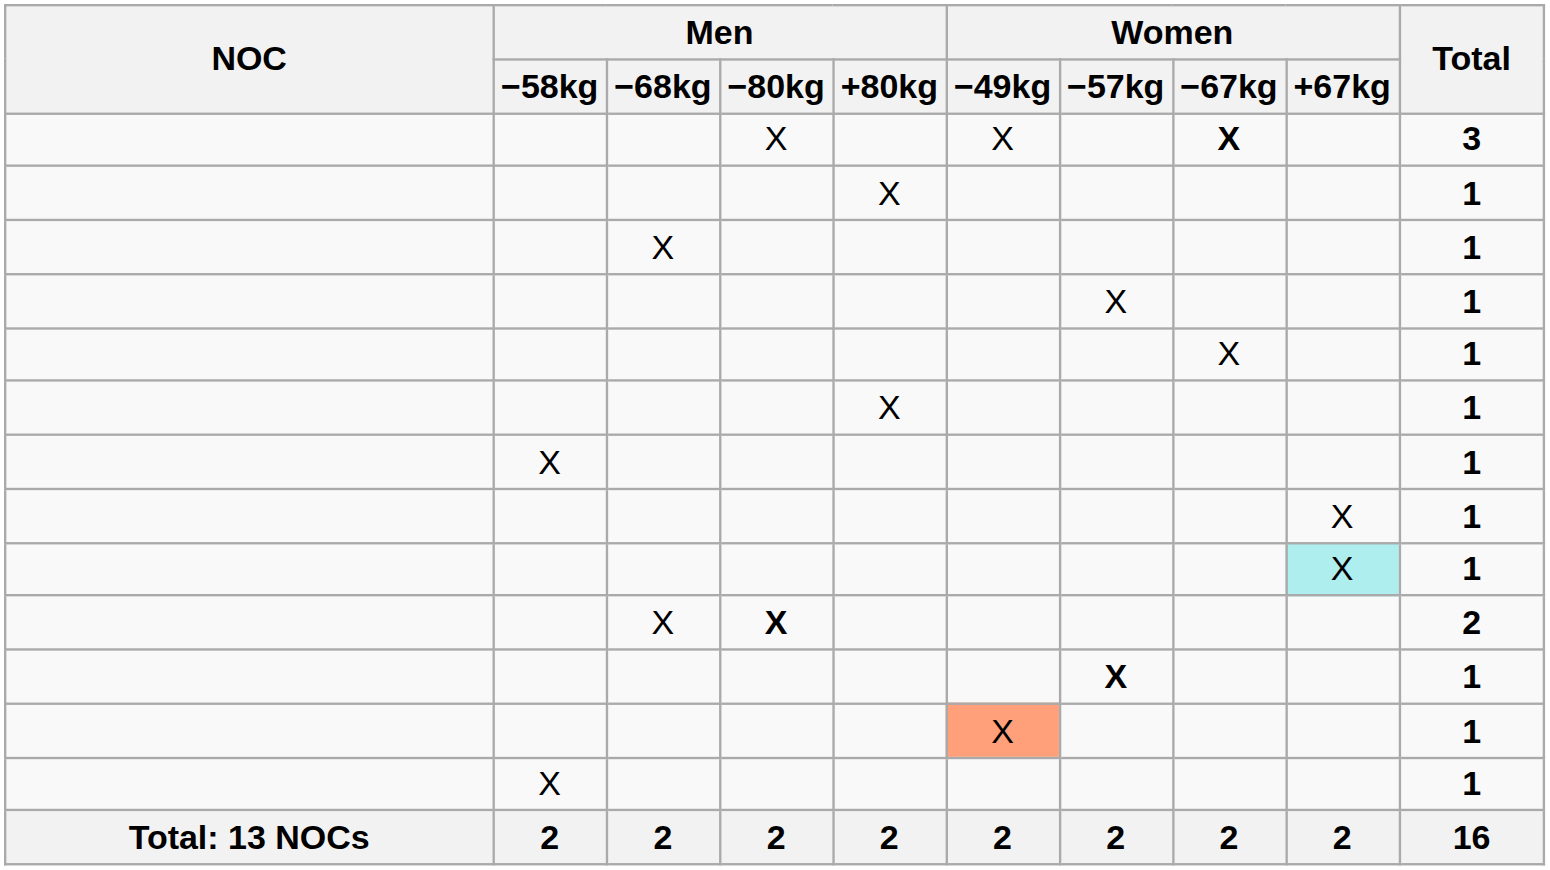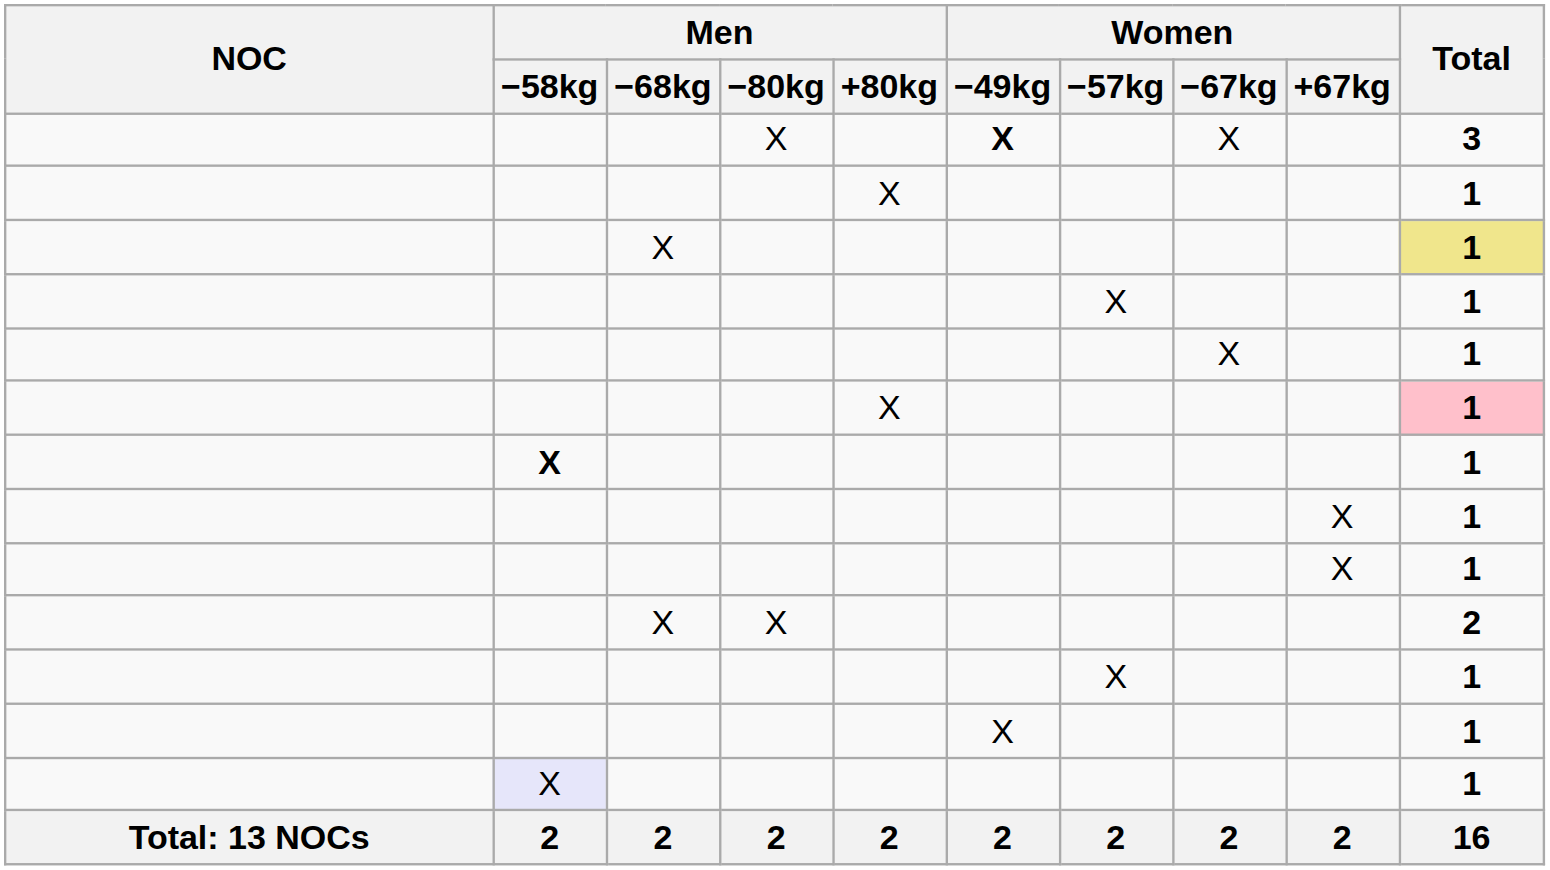 <table class="wikitable" style="text-align:center; font-size:90%">
 <tr>
 <th rowspan="2" width=200 align="left">NOC</th>
 <th colspan="4">Men</th>
 <th colspan="4">Women</th>
 <th width=55 rowspan="2">Total</th>
 </tr>
 <tr>
 <th width=40>−58kg</th>
 <th width=40>−68kg</th>
 <th width=40>−80kg</th>
 <th width=40>+80kg</th>
 <th width=40>−49kg</th>
 <th width=40>−57kg</th>
 <th width=40>−67kg</th>
 <th width=40>+67kg</th>
 </tr>
 <tr>
 <td align="left"></td>
 <td></td>
 <td></td>
 <td>X</td>
 <td></td>
+<td><strong>X</strong></td>
+<td></td>
 <td>X</td>
-<td></td>
-<td><strong>X</strong></td>
 <td></td>
 <td><strong>3</strong></td>
 </tr>
 <tr>
 <td align="left"></td>
 <td></td>
 <td></td>
 <td></td>
 <td>X</td>
 <td></td>
 <td></td>
 <td></td>
 <td></td>
 <td><strong>1</strong></td>
 </tr>
 <tr>
 <td align="left"></td>
 <td></td>
 <td>X</td>
 <td></td>
 <td></td>
 <td></td>
 <td></td>
 <td></td>
 <td></td>
-<td><strong>1</strong></td>
+<td style="background: khaki;"><strong>1</strong></td>
 </tr>
 <tr>
 <td align="left"></td>
 <td></td>
 <td></td>
 <td></td>
 <td></td>
 <td></td>
 <td>X</td>
 <td></td>
 <td></td>
 <td><strong>1</strong></td>
 </tr>
 <tr>
 <td align="left"></td>
 <td></td>
 <td></td>
 <td></td>
 <td></td>
 <td></td>
 <td></td>
 <td>X</td>
 <td></td>
 <td><strong>1</strong></td>
 </tr>
 <tr>
 <td align="left"></td>
 <td></td>
 <td></td>
 <td></td>
 <td>X</td>
 <td></td>
 <td></td>
 <td></td>
 <td></td>
-<td><strong>1</strong></td>
+<td style="background: pink;"><strong>1</strong></td>
 </tr>
 <tr>
 <td align="left"></td>
-<td>X</td>
+<td><strong>X</strong></td>
 <td></td>
 <td></td>
 <td></td>
 <td></td>
 <td></td>
 <td></td>
 <td></td>
 <td><strong>1</strong></td>
 </tr>
 <tr>
 <td align="left"></td>
 <td></td>
 <td></td>
 <td></td>
 <td></td>
 <td></td>
 <td></td>
 <td></td>
 <td>X</td>
 <td><strong>1</strong></td>
 </tr>
 <tr>
 <td align="left"></td>
 <td></td>
 <td></td>
 <td></td>
 <td></td>
 <td></td>
 <td></td>
 <td></td>
-<td style="background: paleturquoise;">X</td>
+<td>X</td>
 <td><strong>1</strong></td>
 </tr>
 <tr>
 <td align="left"></td>
 <td></td>
 <td>X</td>
-<td><strong>X</strong></td>
+<td>X</td>
 <td></td>
 <td></td>
 <td></td>
 <td></td>
 <td></td>
 <td><strong>2</strong></td>
 </tr>
 <tr>
 <td align="left"></td>
 <td></td>
 <td></td>
 <td></td>
 <td></td>
 <td></td>
-<td><strong>X</strong></td>
+<td>X</td>
 <td></td>
 <td></td>
 <td><strong>1</strong></td>
 </tr>
 <tr>
 <td align="left"></td>
 <td></td>
 <td></td>
 <td></td>
 <td></td>
-<td style="background: lightsalmon;">X</td>
+<td>X</td>
 <td></td>
 <td></td>
 <td></td>
 <td><strong>1</strong></td>
 </tr>
 <tr>
 <td align="left"></td>
-<td>X</td>
+<td style="background: lavender;">X</td>
 <td></td>
 <td></td>
 <td></td>
 <td></td>
 <td></td>
 <td></td>
 <td></td>
 <td><strong>1</strong></td>
 </tr>
 <tr>
 <th>Total: 13 NOCs</th>
 <th>2</th>
 <th>2</th>
 <th>2</th>
 <th>2</th>
 <th>2</th>
 <th>2</th>
 <th>2</th>
 <th>2</th>
 <th>16</th>
 </tr>
 </table>
